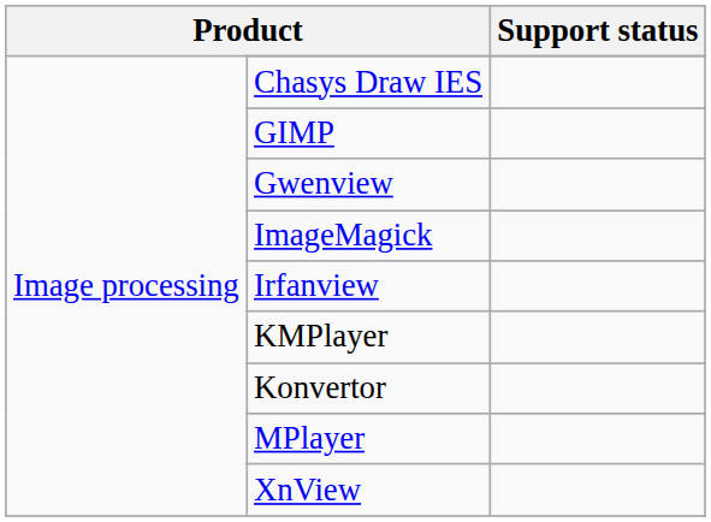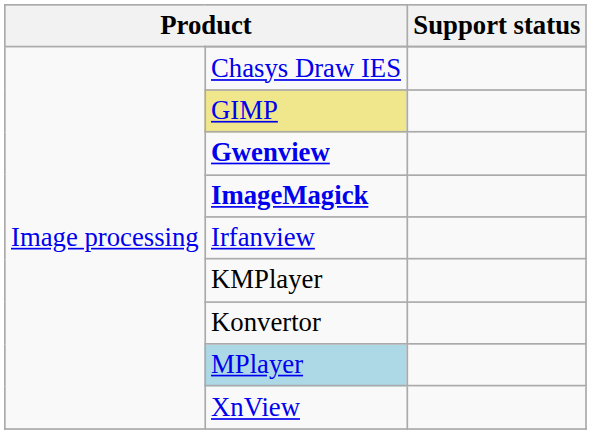 <table class = "wikitable">
 <tr>
 <th colspan="2">Product</th>
 <th>Support status</th>
 </tr>
 <tr>
 <td rowspan="11"><a href='#'>Image processing</a></td>
 </tr>
 <tr>
 <td><a href='#'>Chasys Draw IES</a></td>
 <td></td>
 </tr>
 <tr>
-<td><a href='#'>GIMP</a></td>
+<td style="background: khaki;"><a href='#'>GIMP</a></td>
 <td></td>
 </tr>
 <tr>
-<td><a href='#'>Gwenview</a></td>
+<td><strong><a href='#'>Gwenview</a></strong></td>
 <td></td>
 </tr>
 <tr>
-<td><a href='#'>ImageMagick</a></td>
+<td><strong><a href='#'>ImageMagick</a></strong></td>
 <td></td>
 </tr>
 <tr>
 <td><a href='#'>Irfanview</a></td>
 <td></td>
 </tr>
 <tr>
 <td><abbr>KMPlayer</abbr></td>
 <td></td>
 </tr>
 <tr>
 <td>Konvertor</td>
 <td></td>
 </tr>
 <tr>
-<td><a href='#'>MPlayer</a></td>
+<td style="background: lightblue;"><a href='#'>MPlayer</a></td>
 <td></td>
 </tr>
 <tr>
 <td><a href='#'>XnView</a></td>
 <td></td>
 </tr>
 </table>
